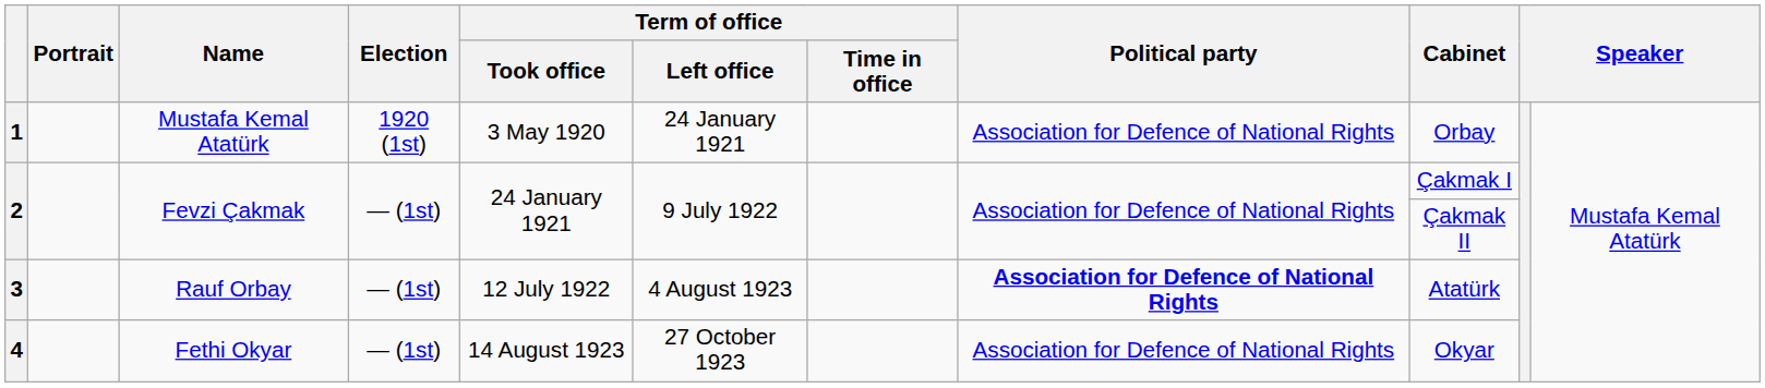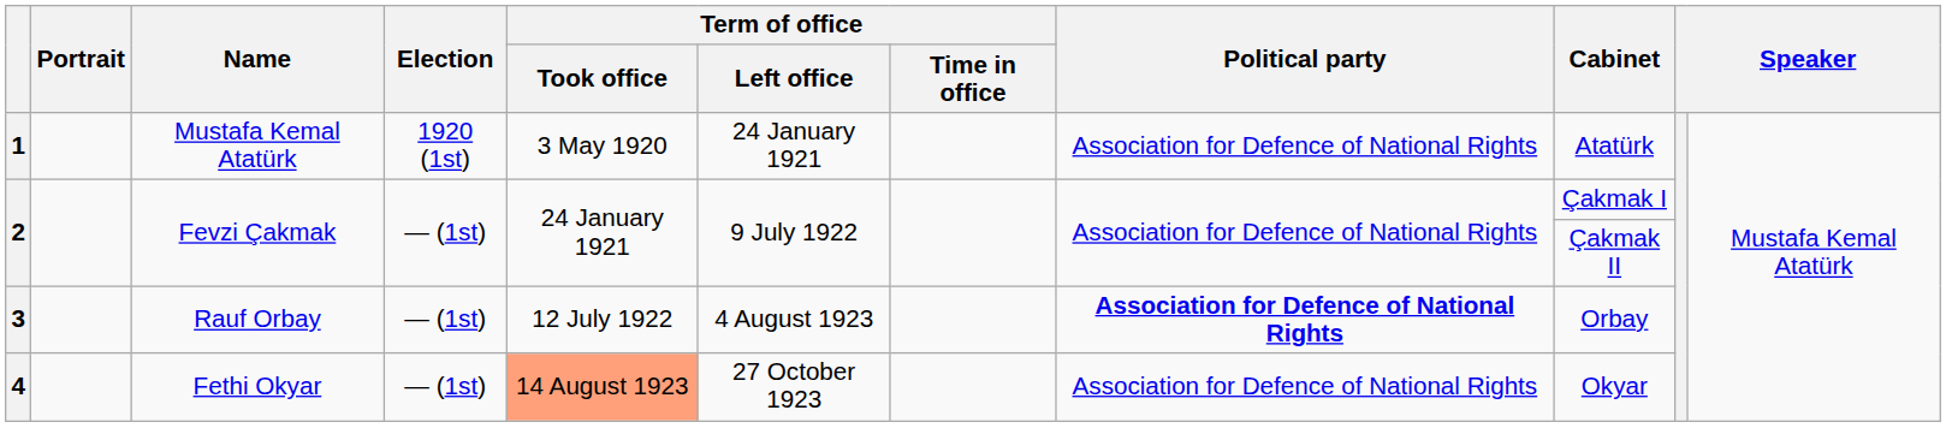 <table class="wikitable" style="text-align:center">
 <tr>
 <th rowspan="2"></th>
 <th rowspan="2">Portrait</th>
 <th rowspan="2">Name<br></th>
 <th rowspan="2">Election<br></th>
 <th colspan="3">Term of office</th>
 <th rowspan="2">Political party</th>
 <th rowspan="2">Cabinet</th>
 <th colspan="2" rowspan="2"><a href='#'>Speaker</a><br></th>
 </tr>
 <tr>
 <th>Took office</th>
 <th>Left office</th>
 <th>Time in office</th>
 </tr>
 <tr>
 <th style="background:">1</th>
 <td></td>
 <td><a href='#'>Mustafa Kemal Atatürk</a><br></td>
 <td><a href='#'>1920</a> (<a href='#'>1st</a>)</td>
 <td>3 May 1920</td>
 <td>24 January 1921</td>
 <td></td>
 <td><a href='#'>Association for Defence of National Rights</a></td>
-<td><a href='#'>Orbay</a></td>
+<td><a href='#'>Atatürk</a></td>
 <th rowspan="5" style="background:"></th>
 <td rowspan="5"><a href='#'>Mustafa Kemal Atatürk</a><br><br></td>
 </tr>
 <tr>
 <th rowspan="2" style="background:">2</th>
 <td rowspan="2"></td>
 <td rowspan="2"><a href='#'>Fevzi Çakmak</a><br></td>
 <td rowspan="2">— (<a href='#'>1st</a>)</td>
 <td rowspan="2">24 January 1921</td>
 <td rowspan="2">9 July 1922</td>
 <td rowspan="2"></td>
 <td rowspan="2"><a href='#'>Association for Defence of National Rights</a></td>
 <td><a href='#'>Çakmak I</a></td>
 </tr>
 <tr>
 <td><a href='#'>Çakmak II</a></td>
 </tr>
 <tr>
 <th style="background:">3</th>
 <td></td>
 <td><a href='#'>Rauf Orbay</a><br></td>
 <td>— (<a href='#'>1st</a>)</td>
 <td>12 July 1922</td>
 <td>4 August 1923</td>
 <td></td>
 <td><strong><a href='#'>Association for Defence of National Rights</a></strong></td>
-<td><a href='#'>Atatürk</a></td>
+<td><a href='#'>Orbay</a></td>
 </tr>
 <tr>
 <th style="background:">4</th>
 <td></td>
 <td><a href='#'>Fethi Okyar</a><br></td>
 <td>— (<a href='#'>1st</a>)</td>
-<td>14 August 1923</td>
+<td style="background: lightsalmon;">14 August 1923</td>
 <td>27 October 1923</td>
 <td></td>
 <td><a href='#'>Association for Defence of National Rights</a></td>
 <td><a href='#'>Okyar</a></td>
 </tr>
 </table>
